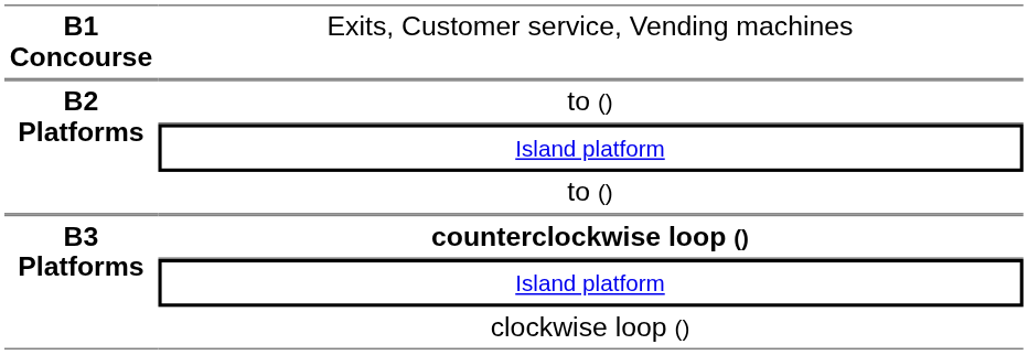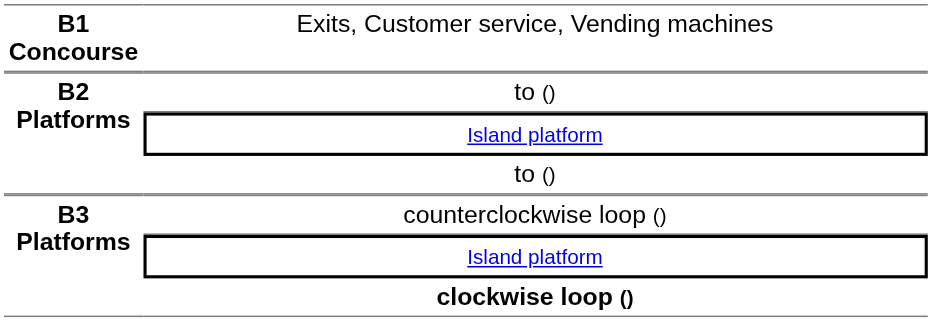 <table table border=0 cellspacing=0 cellpadding=3>
 <tr>
 <td style="border-bottom:solid 1px gray; border-top:solid 1px gray;text-align:center" valign=top><strong>B1<br>Concourse</strong></td>
 <td style="border-bottom:solid 1px gray; border-top:solid 1px gray;text-align:center;" valign=top width=500>Exits, Customer service, Vending machines</td>
 </tr>
 <tr>
 <td style="border-bottom:solid 1px gray; border-top:solid 1px gray;text-align:center" rowspan="3" valign=top><strong>B2<br>Platforms</strong></td>
 <td style="border-bottom:solid 1px gray; border-top:solid 1px gray;text-align:center;">  to  <small>()</small></td>
 </tr>
 <tr>
 <td style="border-right:solid 2px black;border-left:solid 2px black;border-top:solid 2px black;border-bottom:solid 2px black;text-align:center;" colspan=2><small><a href='#'>Island platform</a></small></td>
 </tr>
 <tr>
 <td style="border-bottom:solid 1px gray;text-align:center;"> to  <small>() </small></td>
 </tr>
 <tr>
 <td style="border-bottom:solid 1px gray; border-top:solid 1px gray;text-align:center" rowspan="3" valign=top><strong>B3<br>Platforms</strong></td>
-<td style="border-bottom:solid 1px gray; border-top:solid 1px gray;text-align:center;"><strong>  counterclockwise loop <small>()</small></strong></td>
+<td style="border-bottom:solid 1px gray; border-top:solid 1px gray;text-align:center;">  counterclockwise loop <small>()</small></td>
 </tr>
 <tr>
 <td style="border-right:solid 2px black;border-left:solid 2px black;border-top:solid 2px black;border-bottom:solid 2px black;text-align:center;" colspan=2><small><a href='#'>Island platform</a></small></td>
 </tr>
 <tr>
-<td style="border-bottom:solid 1px gray;text-align:center;"> clockwise loop <small>() </small></td>
+<td style="border-bottom:solid 1px gray;text-align:center;"><strong> clockwise loop <small>() </small></strong></td>
 </tr>
 </table>
